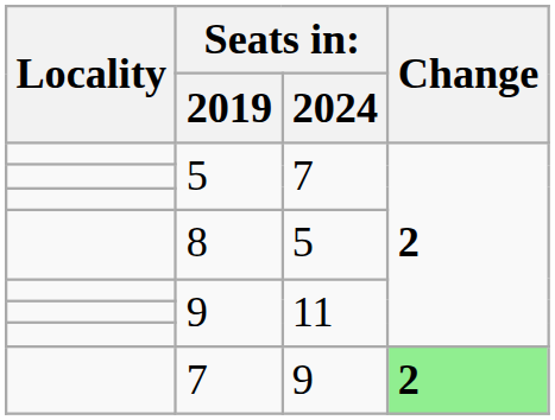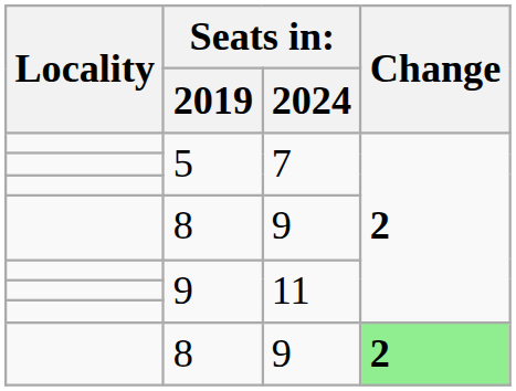 <table class="wikitable">
 <tr>
 <th rowspan="2">Locality</th>
 <th colspan="2">Seats in:</th>
 <th rowspan="2">Change</th>
 </tr>
 <tr>
 <th>2019</th>
 <th>2024</th>
 </tr>
 <tr>
 <td></td>
 <td rowspan="3">5</td>
 <td rowspan="3">7</td>
 <td rowspan="7"><strong>2</strong></td>
 </tr>
 <tr>
 <td></td>
 </tr>
 <tr>
 <td></td>
 </tr>
 <tr>
 <td></td>
 <td>8</td>
-<td>5</td>
+<td>9</td>
 </tr>
 <tr>
 <td></td>
 <td rowspan="3">9</td>
 <td rowspan="3">11</td>
 </tr>
 <tr>
 <td></td>
 </tr>
 <tr>
 <td></td>
 </tr>
 <tr>
 <td></td>
-<td>7</td>
+<td>8</td>
 <td>9</td>
 <td style="background: lightgreen;"><strong>2</strong></td>
 </tr>
 </table>
